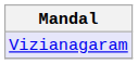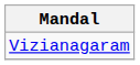 <table class="wikitable sortable static-row-numbers static-row-header-hash">
 <tr>
 <th>Mandal</th>
 </tr>
 <tr>
-<td style="background: lavender;"><a href='#'>Vizianagaram</a></td>
+<td><a href='#'>Vizianagaram</a></td>
 </tr>
 <tr>
 </tr>
 </table>
